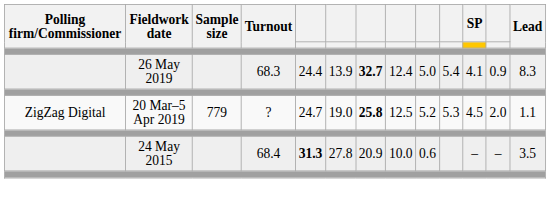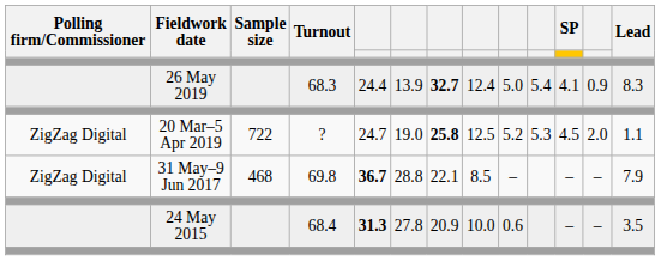 <table class="wikitable collapsible collapsed" style="text-align:center; font-size:95%; line-height:16px;">
 <tr style="height:42px;">
 <th style="width:250px;" rowspan="2">Polling firm/Commissioner</th>
 <th style="width:125px;" rowspan="2">Fieldwork date</th>
 <th style="width:50px;" rowspan="2">Sample size</th>
 <th style="width:45px;" rowspan="2">Turnout</th>
 <th style="width:35px;"></th>
 <th style="width:35px;"></th>
 <th style="width:35px;"></th>
 <th style="width:35px;"></th>
 <th style="width:35px;"></th>
 <th style="width:35px;"></th>
 <th style="width:35px;">SP</th>
 <th style="width:35px;"></th>
 <th style="width:30px;" rowspan="2">Lead</th>
 </tr>
 <tr>
 <th style="color:inherit;background:"></th>
 <th style="color:inherit;background:"></th>
 <th style="color:inherit;background:"></th>
 <th style="color:inherit;background:"></th>
 <th style="color:inherit;background:"></th>
 <th style="color:inherit;background:"></th>
 <th style="color:inherit;background:#FFC700;"></th>
 <th style="color:inherit;background:"></th>
 </tr>
 <tr>
 <td colspan="13" style="background:#A0A0A0"></td>
 </tr>
 <tr style="background:#EFEFEF;">
 <td><strong></strong></td>
 <td>26 May 2019</td>
 <td></td>
 <td>68.3</td>
 <td>24.4<br></td>
 <td>13.9<br></td>
 <td><strong>32.7</strong><br></td>
 <td>12.4<br></td>
 <td>5.0<br></td>
 <td>5.4<br></td>
 <td>4.1<br></td>
 <td>0.9<br></td>
 <td style="background:">8.3</td>
 </tr>
 <tr>
 <td colspan="13" style="background:#A0A0A0"></td>
 </tr>
 <tr>
 <td>ZigZag Digital</td>
 <td>20 Mar–5 Apr 2019</td>
-<td>779</td>
+<td>722</td>
 <td>?</td>
 <td>24.7<br></td>
 <td>19.0<br></td>
 <td><strong>25.8</strong><br></td>
 <td>12.5<br></td>
 <td>5.2<br></td>
 <td>5.3<br></td>
 <td>4.5<br></td>
 <td>2.0<br></td>
 <td style="background:">1.1</td>
+</tr>
+<tr>
+<td>ZigZag Digital</td>
+<td>31 May–9 Jun 2017</td>
+<td>468</td>
+<td>69.8</td>
+<td><strong>36.7</strong><br></td>
+<td>28.8<br></td>
+<td>22.1<br></td>
+<td>8.5<br></td>
+<td>–</td>
+<td></td>
+<td>–</td>
+<td>–</td>
+<td style="background:">7.9</td>
 </tr>
 <tr>
 <td colspan="13" style="background:#A0A0A0"></td>
 </tr>
 <tr style="background:#EFEFEF;">
 <td><strong></strong></td>
 <td>24 May 2015</td>
 <td></td>
 <td>68.4</td>
 <td><strong>31.3</strong><br></td>
 <td>27.8<br></td>
 <td>20.9<br></td>
 <td>10.0<br></td>
 <td>0.6<br></td>
 <td></td>
 <td>–</td>
 <td>–</td>
 <td style="background:">3.5</td>
 </tr>
 <tr>
 <td colspan="13" style="background:#A0A0A0"></td>
 </tr>
 </table>
